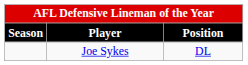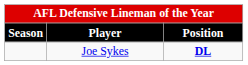 <table class="wikitable sortable" style="text-align:center">
 <tr>
 <td colspan="4" style="background:#d00; color:white;"><strong>AFL Defensive Lineman of the Year</strong></td>
 </tr>
 <tr>
 <th style="width:50px; background:black; color:white;">Season</th>
 <th style="width:150px; background:black; color:white;">Player</th>
 <th style="width:100px; background:black; color:white;">Position</th>
 </tr>
 <tr>
 <td></td>
 <td><a href='#'>Joe Sykes</a></td>
-<td><a href='#'>DL</a></td>
+<td><strong><a href='#'>DL</a></strong></td>
 </tr>
 </table>
